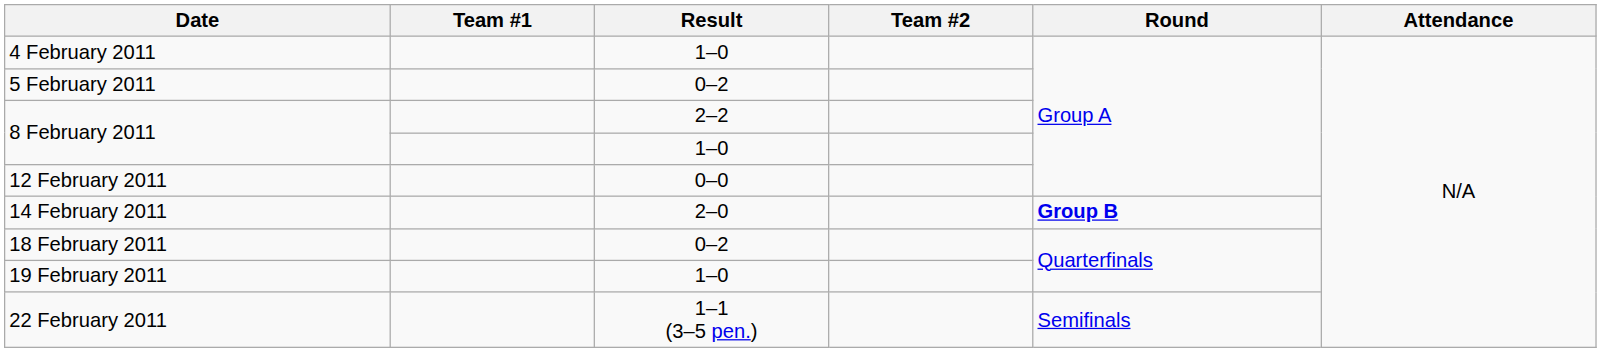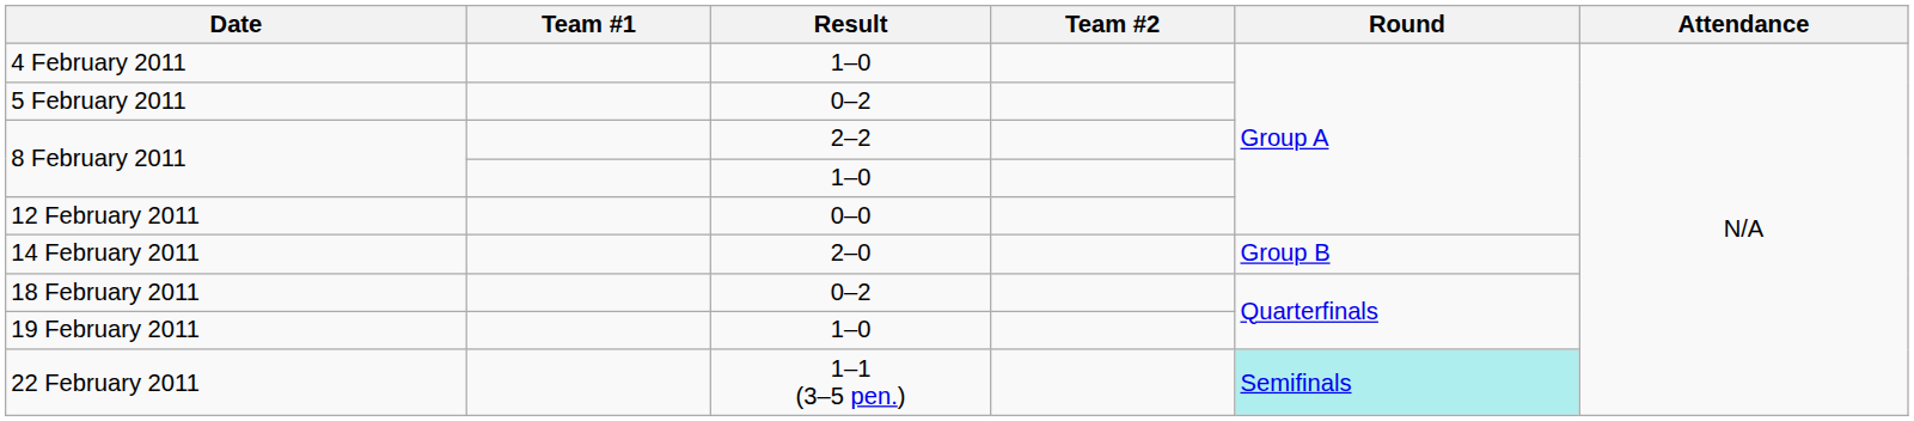 <table class="wikitable" style="text-align: left;" width="100%">
 <tr>
 <th>Date</th>
 <th>Team #1</th>
 <th>Result</th>
 <th>Team #2</th>
 <th>Round</th>
 <th>Attendance</th>
 </tr>
 <tr>
 <td>4 February 2011</td>
 <td></td>
 <td style="text-align:center;">1–0</td>
 <td></td>
 <td rowspan="5"><a href='#'>Group A</a></td>
 <td rowspan="9" style="text-align:center;">N/A</td>
 </tr>
 <tr>
 <td>5 February 2011</td>
 <td></td>
 <td style="text-align:center;">0–2</td>
 <td></td>
 </tr>
 <tr>
 <td rowspan="2">8 February 2011</td>
 <td></td>
 <td style="text-align:center;">2–2</td>
 <td></td>
 </tr>
 <tr>
 <td></td>
 <td style="text-align:center;">1–0</td>
 <td></td>
 </tr>
 <tr>
 <td>12 February 2011</td>
 <td></td>
 <td style="text-align:center;">0–0</td>
 <td></td>
 </tr>
 <tr>
 <td>14 February 2011</td>
 <td></td>
 <td style="text-align:center;">2–0</td>
 <td></td>
-<td><strong><a href='#'>Group B</a></strong></td>
+<td><a href='#'>Group B</a></td>
 </tr>
 <tr>
 <td>18 February 2011</td>
 <td></td>
 <td style="text-align:center;">0–2</td>
 <td></td>
 <td rowspan="2"><a href='#'>Quarterfinals</a></td>
 </tr>
 <tr>
 <td>19 February 2011</td>
 <td></td>
 <td style="text-align:center;">1–0</td>
 <td></td>
 </tr>
 <tr>
 <td>22 February 2011</td>
 <td></td>
 <td style="text-align:center;">1–1<br> (3–5 <a href='#'>pen.</a>)</td>
 <td></td>
-<td><a href='#'>Semifinals</a></td>
+<td style="background: paleturquoise;"><a href='#'>Semifinals</a></td>
 </tr>
 </table>
